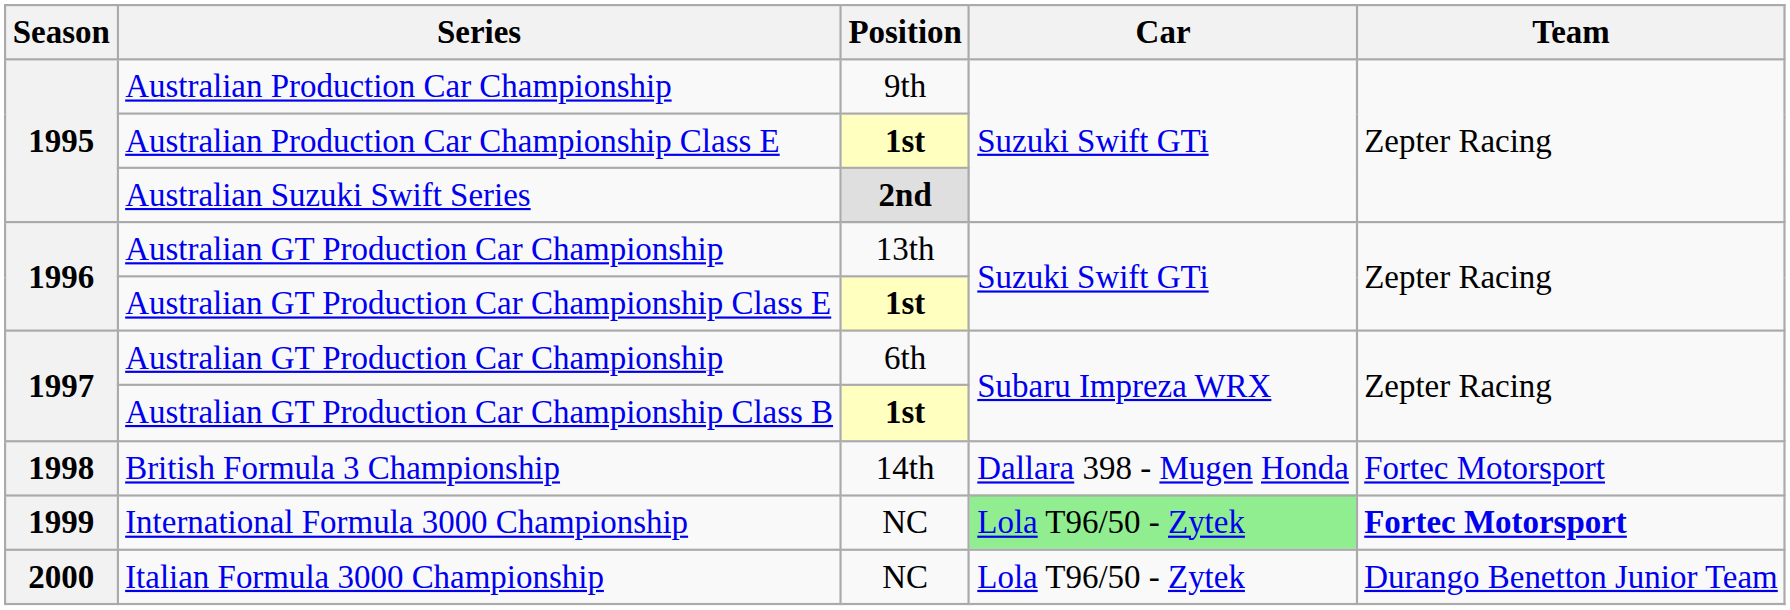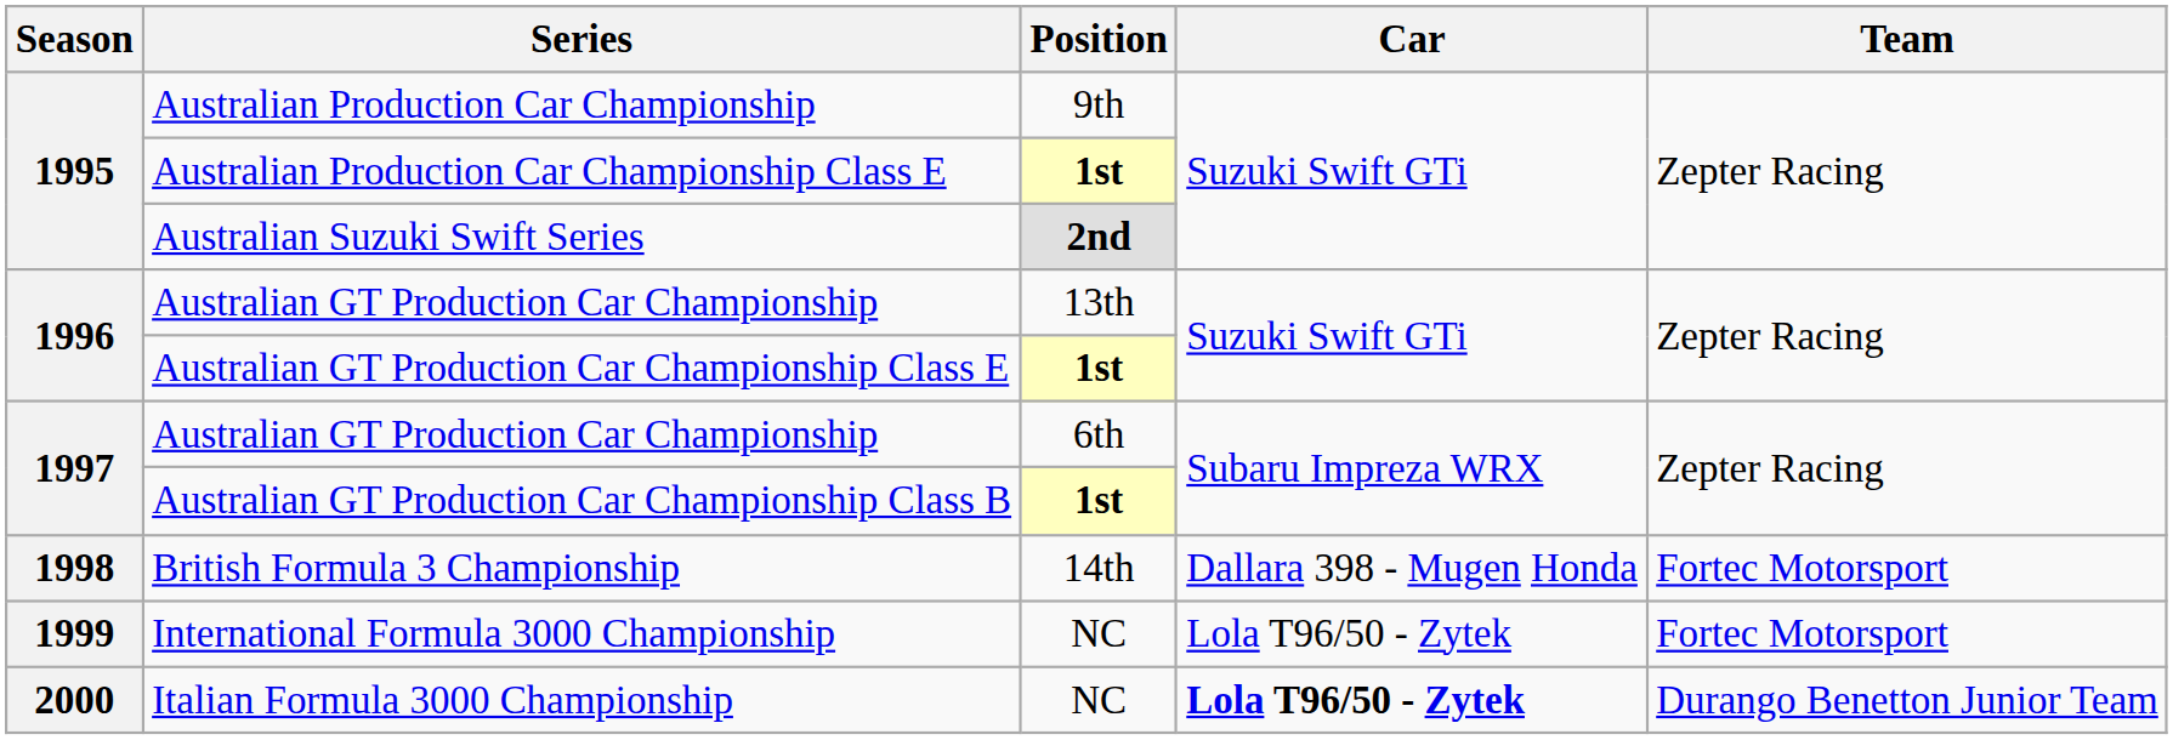 <table class="wikitable" style="font-size: 95%;">
 <tr>
 <th>Season</th>
 <th>Series</th>
 <th>Position</th>
 <th>Car</th>
 <th>Team</th>
 </tr>
 <tr>
 <th rowspan=3>1995</th>
 <td><a href='#'>Australian Production Car Championship</a></td>
 <td align="center">9th</td>
 <td rowspan=3><a href='#'>Suzuki Swift GTi</a></td>
 <td rowspan=3>Zepter Racing</td>
 </tr>
 <tr>
 <td><a href='#'>Australian Production Car Championship Class E</a></td>
 <td align="center" style="background:#FFFFBF;"><strong>1st</strong></td>
 </tr>
 <tr>
 <td><a href='#'>Australian Suzuki Swift Series</a></td>
 <td align="center" style="background:#dfdfdf;"><strong>2nd</strong></td>
 </tr>
 <tr>
 <th rowspan=2>1996</th>
 <td><a href='#'>Australian GT Production Car Championship</a></td>
 <td align="center">13th</td>
 <td rowspan=2><a href='#'>Suzuki Swift GTi</a></td>
 <td rowspan=2>Zepter Racing</td>
 </tr>
 <tr>
 <td><a href='#'>Australian GT Production Car Championship Class E</a></td>
 <td align="center" style="background:#FFFFBF;"><strong>1st</strong></td>
 </tr>
 <tr>
 <th rowspan=2>1997</th>
 <td><a href='#'>Australian GT Production Car Championship</a></td>
 <td align="center">6th</td>
 <td rowspan=2><a href='#'>Subaru Impreza WRX</a></td>
 <td rowspan=2>Zepter Racing</td>
 </tr>
 <tr>
 <td><a href='#'>Australian GT Production Car Championship Class B</a></td>
 <td align="center" style="background:#FFFFBF;"><strong>1st</strong></td>
 </tr>
 <tr>
 <th>1998</th>
 <td><a href='#'>British Formula 3 Championship</a></td>
 <td align="center">14th</td>
 <td><a href='#'>Dallara</a> 398 - <a href='#'>Mugen</a> <a href='#'>Honda</a></td>
 <td><a href='#'>Fortec Motorsport</a></td>
 </tr>
 <tr>
 <th>1999</th>
 <td><a href='#'>International Formula 3000 Championship</a></td>
 <td align="center">NC</td>
-<td style="background: lightgreen;"><a href='#'>Lola</a> T96/50 - <a href='#'>Zytek</a></td>
-<td><strong><a href='#'>Fortec Motorsport</a></strong></td>
+<td><a href='#'>Lola</a> T96/50 - <a href='#'>Zytek</a></td>
+<td><a href='#'>Fortec Motorsport</a></td>
 </tr>
 <tr>
 <th>2000</th>
 <td><a href='#'>Italian Formula 3000 Championship</a></td>
 <td align="center">NC</td>
-<td><a href='#'>Lola</a> T96/50 - <a href='#'>Zytek</a></td>
+<td><strong><a href='#'>Lola</a> T96/50 - <a href='#'>Zytek</a></strong></td>
 <td><a href='#'>Durango Benetton Junior Team</a></td>
 </tr>
 </table>
